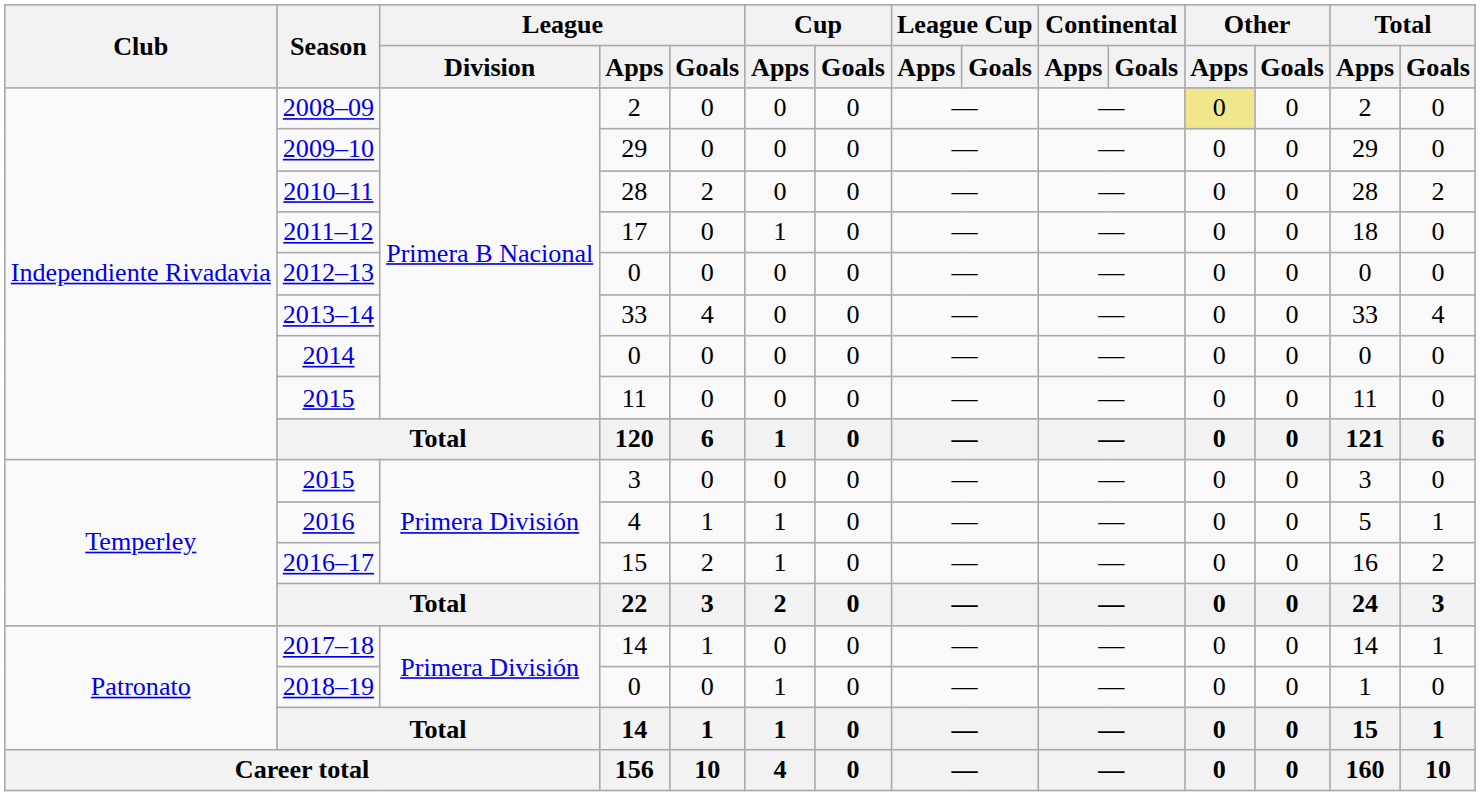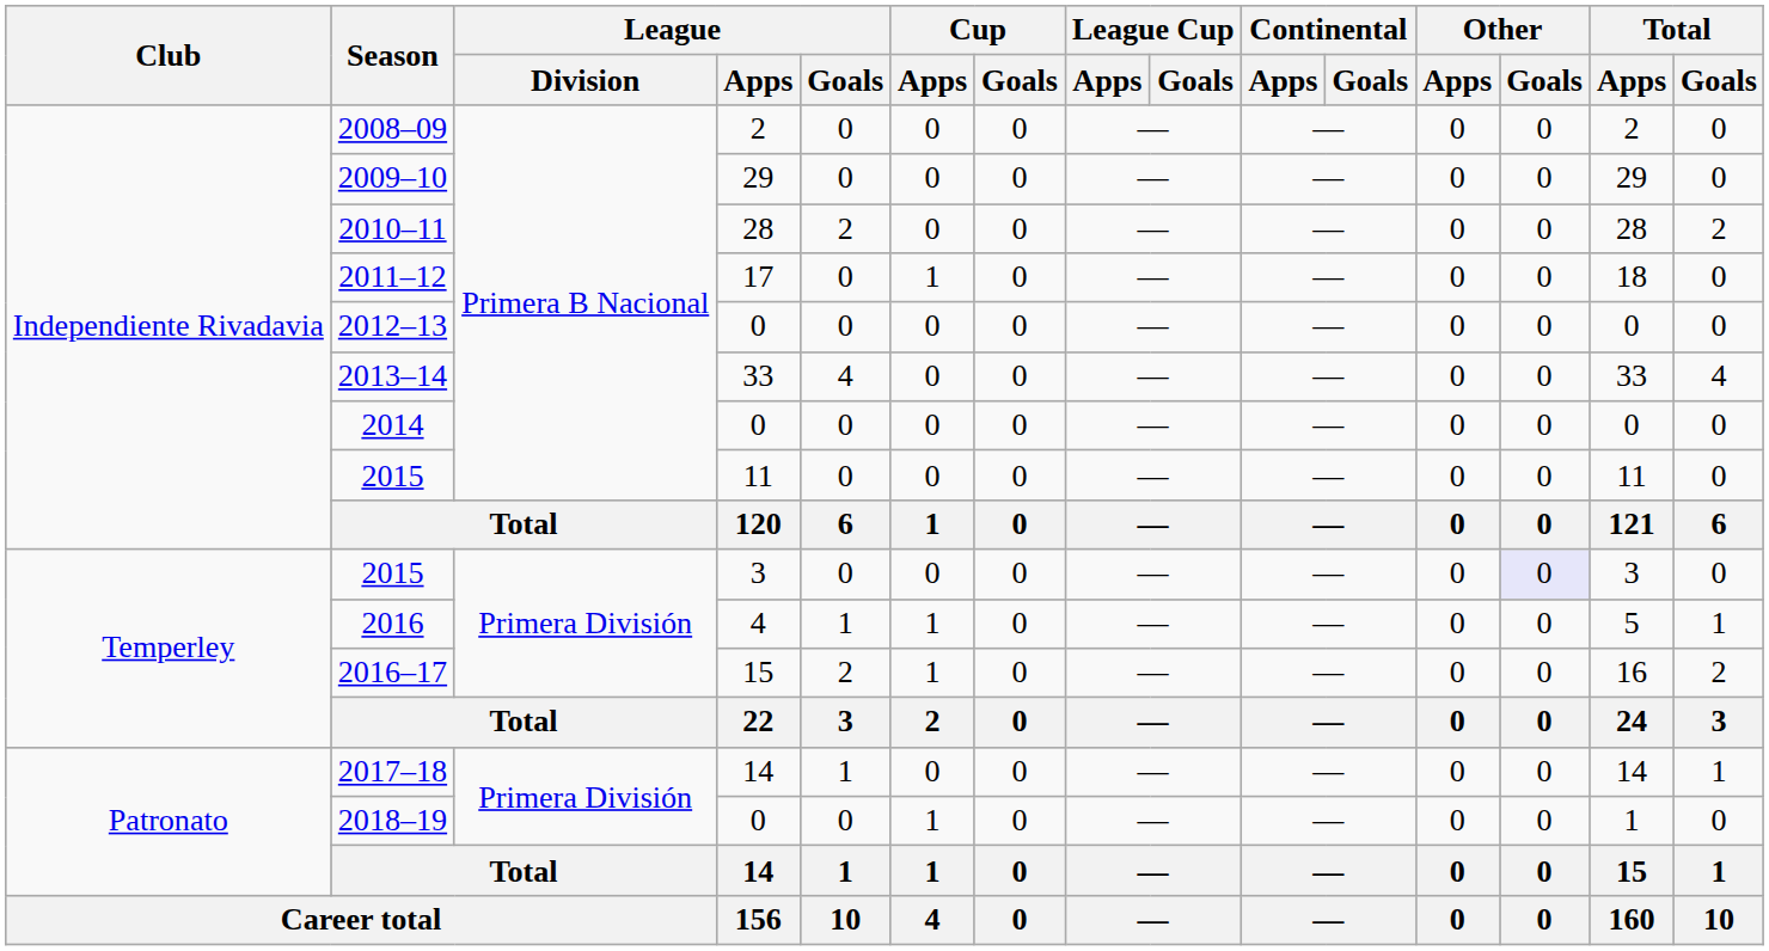 <table class="wikitable" style="text-align:center">
 <tr>
 <th rowspan="2">Club</th>
 <th rowspan="2">Season</th>
 <th colspan="3">League</th>
 <th colspan="2">Cup</th>
 <th colspan="2">League Cup</th>
 <th colspan="2">Continental</th>
 <th colspan="2">Other</th>
 <th colspan="2">Total</th>
 </tr>
 <tr>
 <th>Division</th>
 <th>Apps</th>
 <th>Goals</th>
 <th>Apps</th>
 <th>Goals</th>
 <th>Apps</th>
 <th>Goals</th>
 <th>Apps</th>
 <th>Goals</th>
 <th>Apps</th>
 <th>Goals</th>
 <th>Apps</th>
 <th>Goals</th>
 </tr>
 <tr>
 <td rowspan="9"><a href='#'>Independiente Rivadavia</a></td>
 <td><a href='#'>2008–09</a></td>
 <td rowspan="8"><a href='#'>Primera B Nacional</a></td>
 <td>2</td>
 <td>0</td>
 <td>0</td>
 <td>0</td>
 <td colspan="2">—</td>
 <td colspan="2">—</td>
-<td style="background: khaki;">0</td>
+<td>0</td>
 <td>0</td>
 <td>2</td>
 <td>0</td>
 </tr>
 <tr>
 <td><a href='#'>2009–10</a></td>
 <td>29</td>
 <td>0</td>
 <td>0</td>
 <td>0</td>
 <td colspan="2">—</td>
 <td colspan="2">—</td>
 <td>0</td>
 <td>0</td>
 <td>29</td>
 <td>0</td>
 </tr>
 <tr>
 <td><a href='#'>2010–11</a></td>
 <td>28</td>
 <td>2</td>
 <td>0</td>
 <td>0</td>
 <td colspan="2">—</td>
 <td colspan="2">—</td>
 <td>0</td>
 <td>0</td>
 <td>28</td>
 <td>2</td>
 </tr>
 <tr>
 <td><a href='#'>2011–12</a></td>
 <td>17</td>
 <td>0</td>
 <td>1</td>
 <td>0</td>
 <td colspan="2">—</td>
 <td colspan="2">—</td>
 <td>0</td>
 <td>0</td>
 <td>18</td>
 <td>0</td>
 </tr>
 <tr>
 <td><a href='#'>2012–13</a></td>
 <td>0</td>
 <td>0</td>
 <td>0</td>
 <td>0</td>
 <td colspan="2">—</td>
 <td colspan="2">—</td>
 <td>0</td>
 <td>0</td>
 <td>0</td>
 <td>0</td>
 </tr>
 <tr>
 <td><a href='#'>2013–14</a></td>
 <td>33</td>
 <td>4</td>
 <td>0</td>
 <td>0</td>
 <td colspan="2">—</td>
 <td colspan="2">—</td>
 <td>0</td>
 <td>0</td>
 <td>33</td>
 <td>4</td>
 </tr>
 <tr>
 <td><a href='#'>2014</a></td>
 <td>0</td>
 <td>0</td>
 <td>0</td>
 <td>0</td>
 <td colspan="2">—</td>
 <td colspan="2">—</td>
 <td>0</td>
 <td>0</td>
 <td>0</td>
 <td>0</td>
 </tr>
 <tr>
 <td><a href='#'>2015</a></td>
 <td>11</td>
 <td>0</td>
 <td>0</td>
 <td>0</td>
 <td colspan="2">—</td>
 <td colspan="2">—</td>
 <td>0</td>
 <td>0</td>
 <td>11</td>
 <td>0</td>
 </tr>
 <tr>
 <th colspan="2">Total</th>
 <th>120</th>
 <th>6</th>
 <th>1</th>
 <th>0</th>
 <th colspan="2">—</th>
 <th colspan="2">—</th>
 <th>0</th>
 <th>0</th>
 <th>121</th>
 <th>6</th>
 </tr>
 <tr>
 <td rowspan="4"><a href='#'>Temperley</a></td>
 <td><a href='#'>2015</a></td>
 <td rowspan="3"><a href='#'>Primera División</a></td>
 <td>3</td>
 <td>0</td>
 <td>0</td>
 <td>0</td>
 <td colspan="2">—</td>
 <td colspan="2">—</td>
 <td>0</td>
-<td>0</td>
+<td style="background: lavender;">0</td>
 <td>3</td>
 <td>0</td>
 </tr>
 <tr>
 <td><a href='#'>2016</a></td>
 <td>4</td>
 <td>1</td>
 <td>1</td>
 <td>0</td>
 <td colspan="2">—</td>
 <td colspan="2">—</td>
 <td>0</td>
 <td>0</td>
 <td>5</td>
 <td>1</td>
 </tr>
 <tr>
 <td><a href='#'>2016–17</a></td>
 <td>15</td>
 <td>2</td>
 <td>1</td>
 <td>0</td>
 <td colspan="2">—</td>
 <td colspan="2">—</td>
 <td>0</td>
 <td>0</td>
 <td>16</td>
 <td>2</td>
 </tr>
 <tr>
 <th colspan="2">Total</th>
 <th>22</th>
 <th>3</th>
 <th>2</th>
 <th>0</th>
 <th colspan="2">—</th>
 <th colspan="2">—</th>
 <th>0</th>
 <th>0</th>
 <th>24</th>
 <th>3</th>
 </tr>
 <tr>
 <td rowspan="3"><a href='#'>Patronato</a></td>
 <td><a href='#'>2017–18</a></td>
 <td rowspan="2"><a href='#'>Primera División</a></td>
 <td>14</td>
 <td>1</td>
 <td>0</td>
 <td>0</td>
 <td colspan="2">—</td>
 <td colspan="2">—</td>
 <td>0</td>
 <td>0</td>
 <td>14</td>
 <td>1</td>
 </tr>
 <tr>
 <td><a href='#'>2018–19</a></td>
 <td>0</td>
 <td>0</td>
 <td>1</td>
 <td>0</td>
 <td colspan="2">—</td>
 <td colspan="2">—</td>
 <td>0</td>
 <td>0</td>
 <td>1</td>
 <td>0</td>
 </tr>
 <tr>
 <th colspan="2">Total</th>
 <th>14</th>
 <th>1</th>
 <th>1</th>
 <th>0</th>
 <th colspan="2">—</th>
 <th colspan="2">—</th>
 <th>0</th>
 <th>0</th>
 <th>15</th>
 <th>1</th>
 </tr>
 <tr>
 <th colspan="3">Career total</th>
 <th>156</th>
 <th>10</th>
 <th>4</th>
 <th>0</th>
 <th colspan="2">—</th>
 <th colspan="2">—</th>
 <th>0</th>
 <th>0</th>
 <th>160</th>
 <th>10</th>
 </tr>
 </table>
